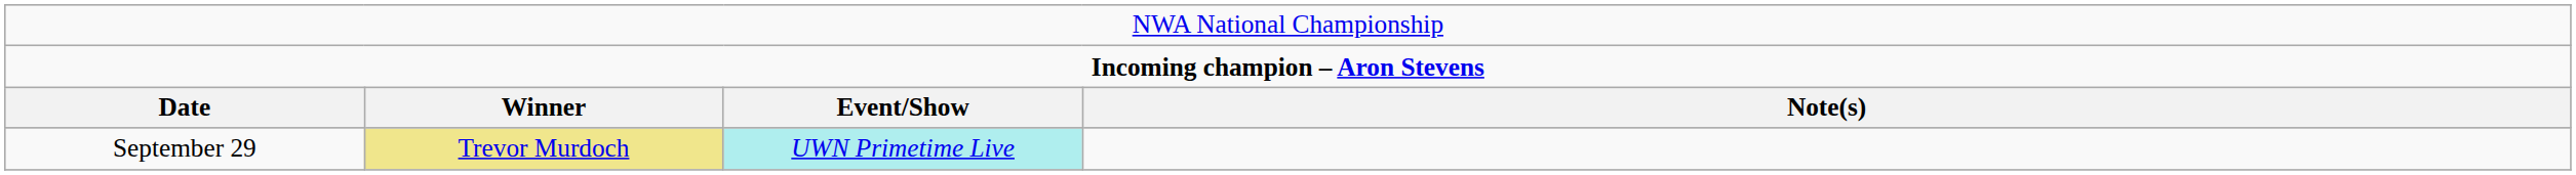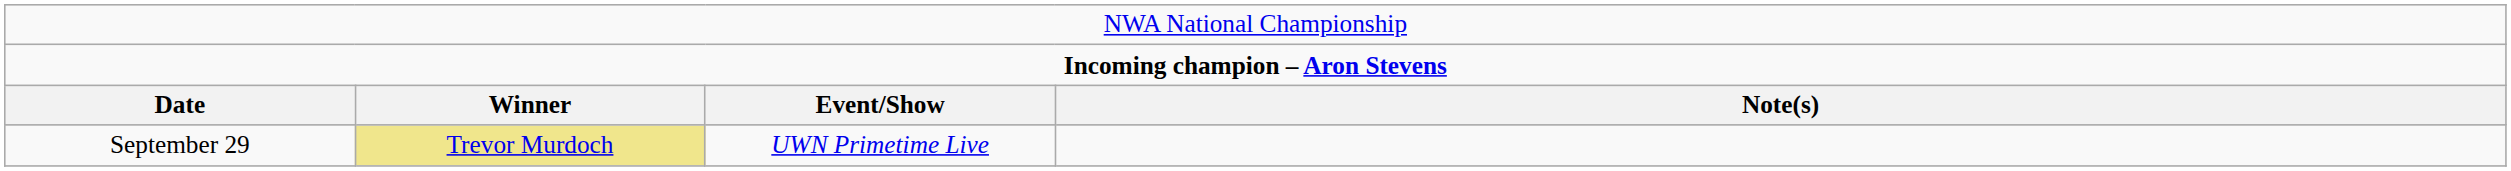 <table class="wikitable" style="text-align:center; width:100%;">
 <tr>
 <td colspan="4" style="text-align: center;"><a href='#'>NWA National Championship</a></td>
 </tr>
 <tr>
 <td colspan="4" style="text-align: center;"><strong>Incoming champion – <a href='#'>Aron Stevens</a></strong></td>
 </tr>
 <tr>
 <th width=14%>Date</th>
 <th width=14%>Winner</th>
 <th width=14%>Event/Show</th>
 <th width=58%>Note(s)</th>
 </tr>
 <tr>
 <td>September 29</td>
 <td style="background: khaki;"><a href='#'>Trevor Murdoch</a></td>
-<td style="background: paleturquoise;"><em><a href='#'>UWN Primetime Live</a></em></td>
+<td><em><a href='#'>UWN Primetime Live</a></em></td>
 <td></td>
 </tr>
 </table>
